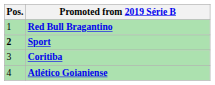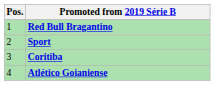 <table class="wikitable">
 <tr>
 <th style="text-align:center;">Pos.</th>
 <th width=300>Promoted from <a href='#'>2019 Série B</a></th>
 </tr>
 <tr style="background: #ACE1AF;">
 <td>1</td>
 <td><strong><a href='#'>Red Bull Bragantino</a></strong></td>
 </tr>
 <tr style="background: #ACE1AF;">
-<td><strong>2</strong></td>
+<td>2</td>
 <td><strong><a href='#'>Sport</a></strong></td>
 </tr>
 <tr style="background: #ACE1AF;">
 <td>3</td>
 <td><strong><a href='#'>Coritiba</a></strong></td>
 </tr>
 <tr style="background: #ACE1AF;">
 <td>4</td>
 <td><strong><a href='#'>Atlético Goianiense</a></strong></td>
 </tr>
 </table>
